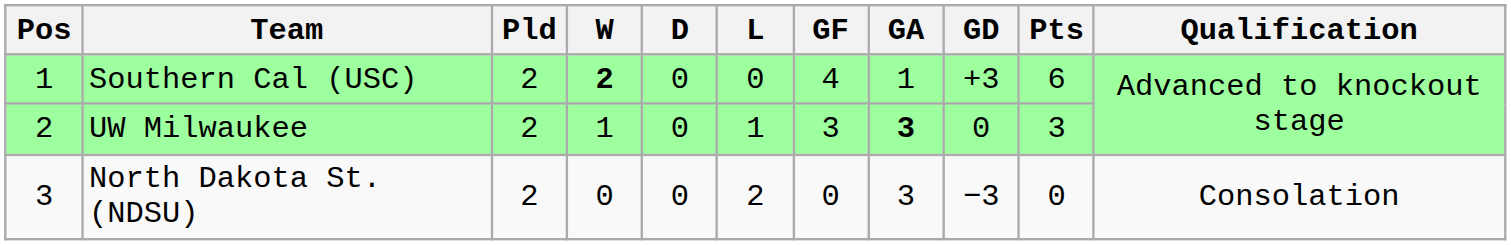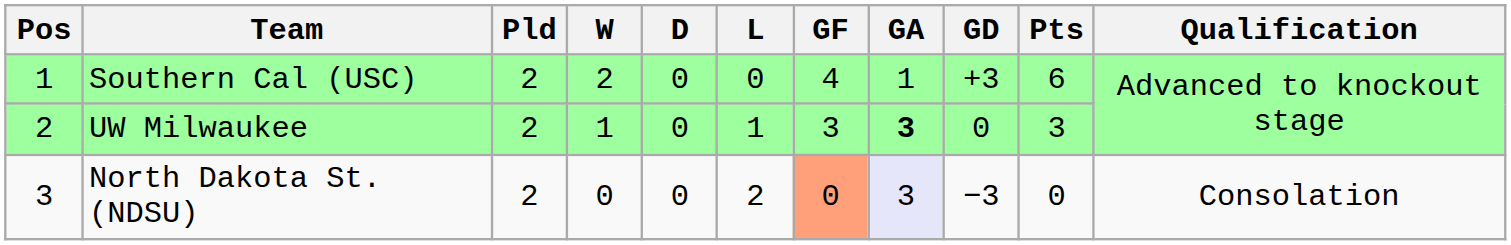 <table class="wikitable" style="text-align:center; margin: 1em auto">
 <tr>
 <th style="width:2em">Pos</th>
 <th style="width:13em">Team</th>
 <th style="width:2em">Pld</th>
 <th style="width:2em">W</th>
 <th style="width:2em">D</th>
 <th style="width:2em">L</th>
 <th style="width:2em">GF</th>
 <th style="width:2em">GA</th>
 <th style="width:2em">GD</th>
 <th style="width:2em">Pts</th>
 <th style="width:13em">Qualification</th>
 </tr>
 <tr bgcolor="#9eff9e">
 <td>1</td>
 <td style="text-align:left">Southern Cal (USC)</td>
 <td>2</td>
-<td><strong>2</strong></td>
+<td>2</td>
 <td>0</td>
 <td>0</td>
 <td>4</td>
 <td>1</td>
 <td>+3</td>
 <td>6</td>
 <td rowspan="2">Advanced to knockout stage</td>
 </tr>
 <tr bgcolor="#9eff9e">
 <td>2</td>
 <td style="text-align:left">UW Milwaukee</td>
 <td>2</td>
 <td>1</td>
 <td>0</td>
 <td>1</td>
 <td>3</td>
 <td><strong>3</strong></td>
 <td>0</td>
 <td>3</td>
 </tr>
 <tr>
 <td>3</td>
 <td style="text-align:left">North Dakota St. (NDSU)</td>
 <td>2</td>
 <td>0</td>
 <td>0</td>
 <td>2</td>
-<td>0</td>
-<td>3</td>
+<td style="background: lightsalmon;">0</td>
+<td style="background: lavender;">3</td>
 <td>−3</td>
 <td>0</td>
 <td>Consolation</td>
 </tr>
 </table>
